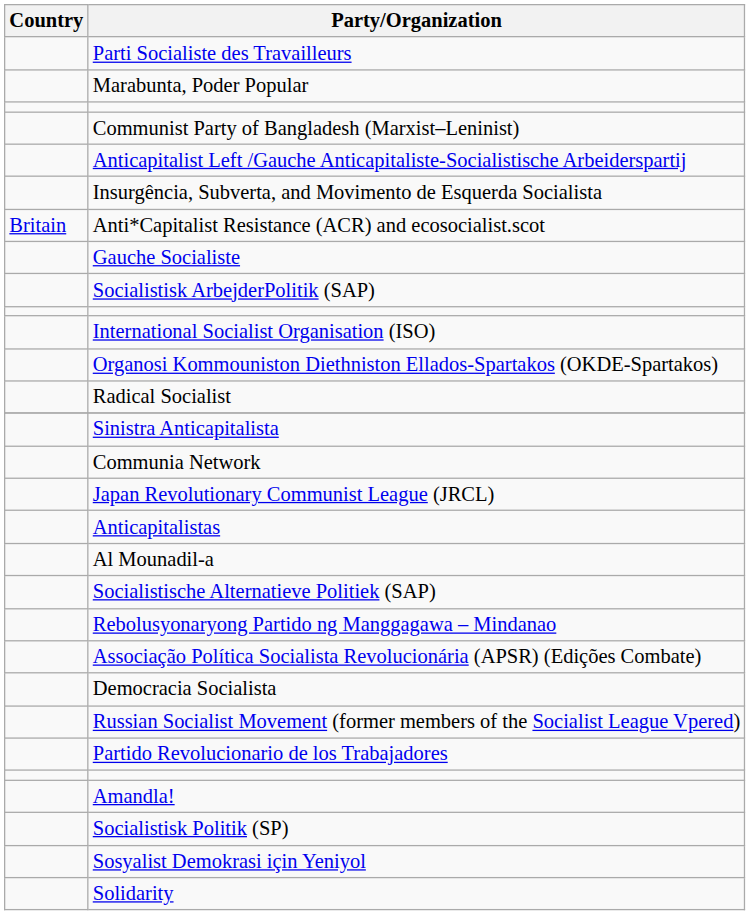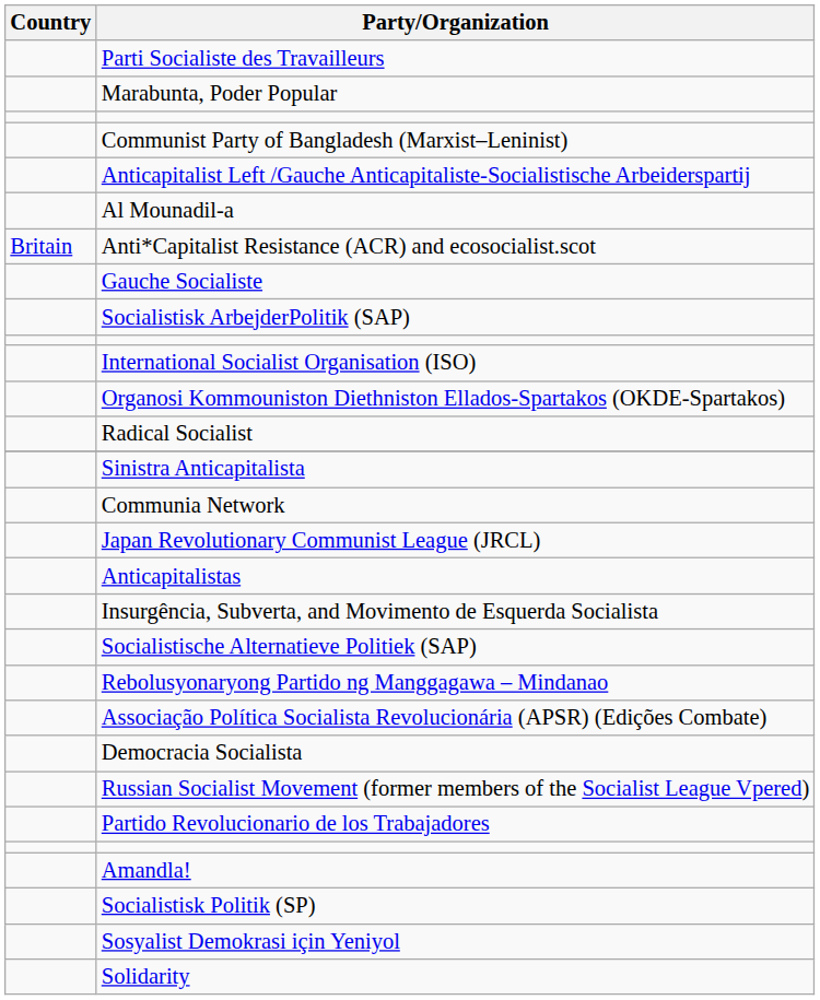 <table class="wikitable">
 <tr>
 <th>Country</th>
 <th>Party/Organization</th>
 </tr>
 <tr>
 <td></td>
 <td><a href='#'>Parti Socialiste des Travailleurs</a></td>
 </tr>
 <tr>
 <td></td>
 <td>Marabunta, Poder Popular</td>
 </tr>
 <tr>
 <td></td>
 <td></td>
 </tr>
 <tr>
 <td></td>
 <td>Communist Party of Bangladesh (Marxist–Leninist)</td>
 </tr>
 <tr>
 <td></td>
 <td><a href='#'>Anticapitalist Left /Gauche Anticapitaliste-Socialistische Arbeiderspartij</a></td>
 </tr>
 <tr>
 <td></td>
-<td>Insurgência, Subverta, and Movimento de Esquerda Socialista</td>
+<td>Al Mounadil-a</td>
 </tr>
 <tr>
 <td> <a href='#'>Britain</a></td>
 <td>Anti*Capitalist Resistance (ACR) and ecosocialist.scot</td>
 </tr>
 <tr>
 <td></td>
 <td><a href='#'>Gauche Socialiste</a></td>
 </tr>
 <tr>
 <td></td>
 <td><a href='#'>Socialistisk ArbejderPolitik</a> (SAP)</td>
 </tr>
 <tr>
 <td></td>
 <td></td>
 </tr>
 <tr>
 <td></td>
 <td><a href='#'>International Socialist Organisation</a> (ISO)</td>
 </tr>
 <tr>
 <td></td>
 <td><a href='#'>Organosi Kommouniston Diethniston Ellados-Spartakos</a> (OKDE-Spartakos)</td>
 </tr>
 <tr>
 <td></td>
 <td>Radical Socialist</td>
 </tr>
 <tr>
 </tr>
 <tr>
 <td></td>
 <td><a href='#'>Sinistra Anticapitalista</a></td>
 </tr>
 <tr>
 <td></td>
 <td>Communia Network</td>
 </tr>
 <tr>
 <td></td>
 <td><a href='#'>Japan Revolutionary Communist League</a> (JRCL)</td>
 </tr>
 <tr>
 <td></td>
 <td><a href='#'>Anticapitalistas</a></td>
 </tr>
 <tr>
 <td></td>
-<td>Al Mounadil-a</td>
+<td>Insurgência, Subverta, and Movimento de Esquerda Socialista</td>
 </tr>
 <tr>
 <td></td>
 <td><a href='#'>Socialistische Alternatieve Politiek</a> (SAP)</td>
 </tr>
 <tr>
 <td></td>
 <td><a href='#'>Rebolusyonaryong Partido ng Manggagawa – Mindanao</a></td>
 </tr>
 <tr>
 <td></td>
 <td><a href='#'>Associação Política Socialista Revolucionária</a> (APSR) (Edições Combate)</td>
 </tr>
 <tr>
 <td></td>
 <td>Democracia Socialista</td>
 </tr>
 <tr>
 <td></td>
 <td><a href='#'>Russian Socialist Movement</a> (former members of the <a href='#'>Socialist League Vpered</a>)</td>
 </tr>
 <tr `>
 <td></td>
 <td><a href='#'>Partido Revolucionario de los Trabajadores</a></td>
 </tr>
 <tr>
 <td></td>
 <td></td>
 </tr>
 <tr>
 <td></td>
 <td><a href='#'>Amandla!</a></td>
 </tr>
 <tr>
 <td></td>
 <td><a href='#'>Socialistisk Politik</a> (SP)</td>
 </tr>
 <tr>
 <td></td>
 <td><a href='#'>Sosyalist Demokrasi için Yeniyol</a></td>
 </tr>
 <tr>
 <td></td>
 <td><a href='#'>Solidarity</a></td>
 </tr>
 </table>
